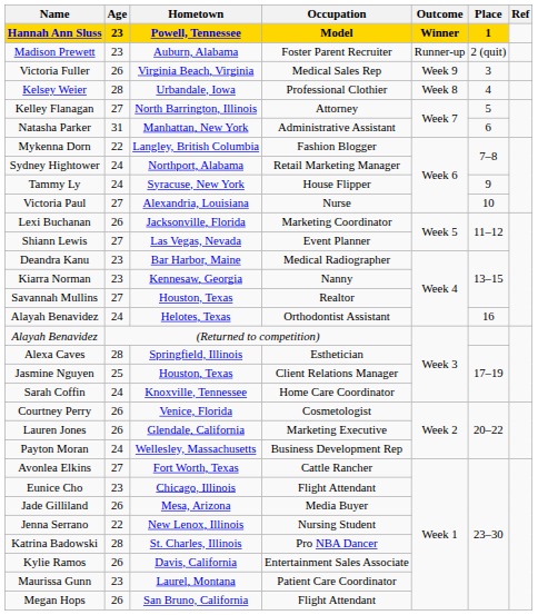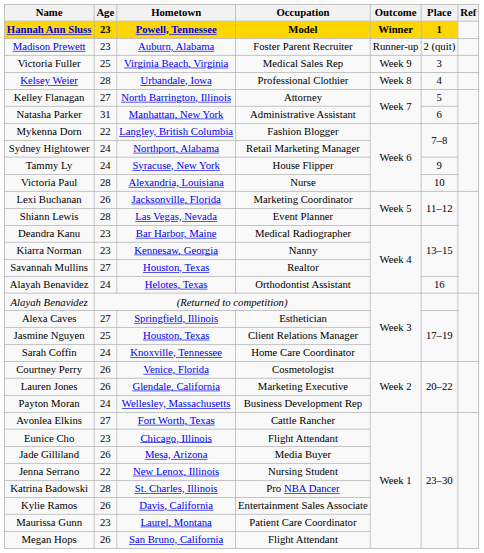 <table class="wikitable sortable" style="text-align:center;">
 <tr>
 <th>Name</th>
 <th>Age</th>
 <th>Hometown</th>
 <th>Occupation</th>
 <th>Outcome</th>
 <th>Place</th>
 <th>Ref</th>
 </tr>
 <tr>
 <td bgcolor="gold"><strong><a href='#'>Hannah Ann Sluss</a></strong></td>
 <td bgcolor="gold"><strong>23</strong></td>
 <td bgcolor="gold"><strong><a href='#'>Powell, Tennessee</a></strong></td>
 <td bgcolor="gold"><strong>Model</strong></td>
 <td bgcolor="gold"><strong>Winner</strong></td>
 <td bgcolor="gold"><strong>1</strong></td>
 <td align="center"></td>
 </tr>
 <tr>
 <td><a href='#'>Madison Prewett</a></td>
 <td>23</td>
 <td><a href='#'>Auburn, Alabama</a></td>
 <td>Foster Parent Recruiter</td>
 <td>Runner-up</td>
 <td>2 (quit)</td>
 <td align="center"></td>
 </tr>
 <tr>
 <td>Victoria Fuller</td>
-<td>26</td>
+<td>25</td>
 <td><a href='#'>Virginia Beach, Virginia</a></td>
 <td>Medical Sales Rep</td>
 <td>Week 9</td>
 <td>3</td>
 <td align="center"></td>
 </tr>
 <tr>
 <td><a href='#'>Kelsey Weier</a></td>
 <td>28</td>
 <td><a href='#'>Urbandale, Iowa</a></td>
 <td>Professional Clothier</td>
 <td>Week 8</td>
 <td>4</td>
 <td align="center"></td>
 </tr>
 <tr>
 <td>Kelley Flanagan</td>
 <td>27</td>
 <td><a href='#'>North Barrington, Illinois</a></td>
 <td>Attorney</td>
 <td rowspan=2>Week 7</td>
 <td>5</td>
 <td rowspan="2" align="center"></td>
 </tr>
 <tr>
 <td>Natasha Parker</td>
 <td>31</td>
 <td><a href='#'>Manhattan, New York</a></td>
 <td>Administrative Assistant</td>
 <td>6</td>
 </tr>
 <tr>
 <td>Mykenna Dorn</td>
 <td>22</td>
 <td><a href='#'>Langley, British Columbia</a></td>
 <td>Fashion Blogger</td>
 <td rowspan=4>Week 6</td>
 <td rowspan=2>7–8</td>
 <td rowspan=4></td>
 </tr>
 <tr>
 <td>Sydney Hightower</td>
 <td>24</td>
 <td><a href='#'>Northport, Alabama</a></td>
 <td>Retail Marketing Manager</td>
 </tr>
 <tr>
 <td>Tammy Ly</td>
 <td>24</td>
 <td><a href='#'>Syracuse, New York</a></td>
 <td>House Flipper</td>
 <td>9</td>
 </tr>
 <tr>
 <td>Victoria Paul</td>
-<td>27</td>
+<td>28</td>
 <td><a href='#'>Alexandria, Louisiana</a></td>
 <td>Nurse</td>
 <td>10</td>
 </tr>
 <tr>
 <td>Lexi Buchanan</td>
 <td>26</td>
 <td><a href='#'>Jacksonville, Florida</a></td>
 <td>Marketing Coordinator</td>
 <td rowspan=2>Week 5</td>
 <td rowspan=2>11–12</td>
 <td rowspan=6></td>
 </tr>
 <tr>
 <td>Shiann Lewis</td>
-<td>27</td>
+<td>28</td>
 <td><a href='#'>Las Vegas, Nevada</a></td>
 <td>Event Planner</td>
 </tr>
 <tr>
 <td>Deandra Kanu</td>
 <td>23</td>
 <td><a href='#'>Bar Harbor, Maine</a></td>
 <td>Medical Radiographer</td>
 <td rowspan="4">Week 4</td>
 <td rowspan="3">13–15</td>
 </tr>
 <tr>
 <td>Kiarra Norman</td>
 <td>23</td>
 <td><a href='#'>Kennesaw, Georgia</a></td>
 <td>Nanny</td>
 </tr>
 <tr>
 <td>Savannah Mullins</td>
 <td>27</td>
 <td><a href='#'>Houston, Texas</a></td>
 <td>Realtor</td>
 </tr>
 <tr>
 <td>Alayah Benavidez</td>
 <td>24</td>
 <td><a href='#'>Helotes, Texas</a></td>
 <td>Orthodontist Assistant</td>
 <td>16</td>
 </tr>
 <tr>
 <td><em>Alayah Benavidez</em></td>
 <td colspan="3"><em>(Returned to competition)</em></td>
 <td rowspan="4">Week 3</td>
 <td></td>
 <td rowspan="4"></td>
 </tr>
 <tr>
 <td>Alexa Caves</td>
-<td>28</td>
+<td>27</td>
 <td><a href='#'>Springfield, Illinois</a></td>
 <td>Esthetician</td>
 <td rowspan="3">17–19</td>
 </tr>
 <tr>
 <td>Jasmine Nguyen</td>
 <td>25</td>
 <td><a href='#'>Houston, Texas</a></td>
 <td>Client Relations Manager</td>
 </tr>
 <tr>
 <td>Sarah Coffin</td>
 <td>24</td>
 <td><a href='#'>Knoxville, Tennessee</a></td>
 <td>Home Care Coordinator</td>
 </tr>
 <tr>
 <td>Courtney Perry</td>
 <td>26</td>
 <td><a href='#'>Venice, Florida</a></td>
 <td>Cosmetologist</td>
 <td rowspan="3">Week 2</td>
 <td rowspan="3">20–22</td>
 <td rowspan="3" align="center"></td>
 </tr>
 <tr>
 <td>Lauren Jones</td>
 <td>26</td>
 <td><a href='#'>Glendale, California</a></td>
 <td>Marketing Executive</td>
 </tr>
 <tr>
 <td>Payton Moran</td>
 <td>24</td>
 <td><a href='#'>Wellesley, Massachusetts</a></td>
 <td>Business Development Rep</td>
 </tr>
 <tr>
 <td>Avonlea Elkins</td>
 <td>27</td>
 <td><a href='#'>Fort Worth, Texas</a></td>
 <td>Cattle Rancher</td>
 <td rowspan="8">Week 1</td>
 <td rowspan="8">23–30</td>
 <td rowspan="8"></td>
 </tr>
 <tr>
 <td>Eunice Cho</td>
 <td>23</td>
 <td><a href='#'>Chicago, Illinois</a></td>
 <td>Flight Attendant</td>
 </tr>
 <tr>
 <td>Jade Gilliland</td>
 <td>26</td>
 <td><a href='#'>Mesa, Arizona</a></td>
 <td>Media Buyer</td>
 </tr>
 <tr>
 <td>Jenna Serrano</td>
 <td>22</td>
 <td><a href='#'>New Lenox, Illinois</a></td>
 <td>Nursing Student</td>
 </tr>
 <tr>
 <td>Katrina Badowski</td>
 <td>28</td>
 <td><a href='#'>St. Charles, Illinois</a></td>
 <td>Pro <a href='#'>NBA Dancer</a></td>
 </tr>
 <tr>
 <td>Kylie Ramos</td>
 <td>26</td>
 <td><a href='#'>Davis, California</a></td>
 <td>Entertainment Sales Associate</td>
 </tr>
 <tr>
 <td>Maurissa Gunn</td>
 <td>23</td>
 <td><a href='#'>Laurel, Montana</a></td>
 <td>Patient Care Coordinator</td>
 </tr>
 <tr>
 <td>Megan Hops</td>
 <td>26</td>
 <td><a href='#'>San Bruno, California</a></td>
 <td>Flight Attendant</td>
 </tr>
 </table>
